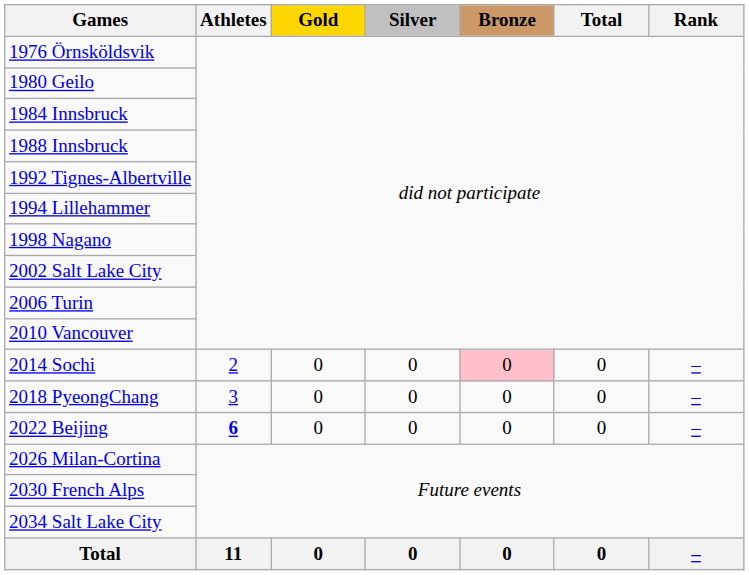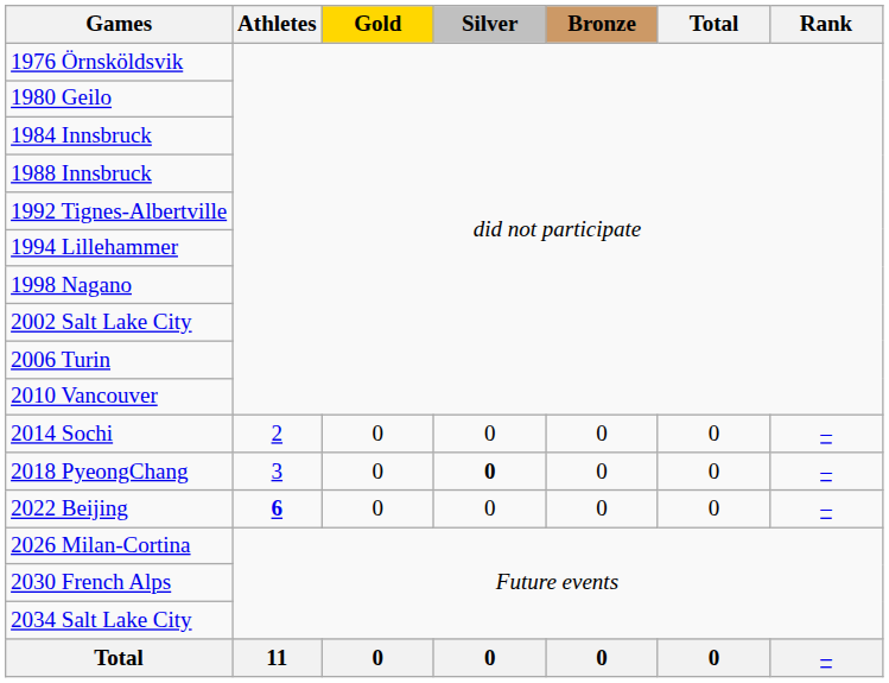 <table class="wikitable" style="text-align:center; font-size:90%;">
 <tr>
 <th>Games</th>
 <th>Athletes</th>
 <td style="background:gold; width:4.5em; font-weight:bold;">Gold</td>
 <td style="background:silver; width:4.5em; font-weight:bold;">Silver</td>
 <td style="background:#c96; width:4.5em; font-weight:bold;">Bronze</td>
 <th style="width:4.5em; font-weight:bold;">Total</th>
 <th style="width:4.5em; font-weight:bold;">Rank</th>
 </tr>
 <tr>
 <td align=left> <a href='#'>1976 Örnsköldsvik</a></td>
 <td colspan=7 rowspan=10><em>did not participate</em></td>
 </tr>
 <tr>
 <td align=left> <a href='#'>1980 Geilo</a></td>
 </tr>
 <tr>
 <td align=left> <a href='#'>1984 Innsbruck</a></td>
 </tr>
 <tr>
 <td align=left> <a href='#'>1988 Innsbruck</a></td>
 </tr>
 <tr>
 <td align=left> <a href='#'>1992 Tignes-Albertville</a></td>
 </tr>
 <tr>
 <td align=left> <a href='#'>1994 Lillehammer</a></td>
 </tr>
 <tr>
 <td align=left> <a href='#'>1998 Nagano</a></td>
 </tr>
 <tr>
 <td align=left> <a href='#'>2002 Salt Lake City</a></td>
 </tr>
 <tr>
 <td align=left> <a href='#'>2006 Turin</a></td>
 </tr>
 <tr>
 <td align=left> <a href='#'>2010 Vancouver</a></td>
 </tr>
 <tr>
 <td align=left> <a href='#'>2014 Sochi</a></td>
 <td><a href='#'>2</a></td>
 <td>0</td>
 <td>0</td>
-<td style="background: pink;">0</td>
+<td>0</td>
 <td>0</td>
 <td><a href='#'>–</a></td>
 </tr>
 <tr>
 <td align=left> <a href='#'>2018 PyeongChang</a></td>
 <td><a href='#'>3</a></td>
 <td>0</td>
-<td>0</td>
+<td><strong>0</strong></td>
 <td>0</td>
 <td>0</td>
 <td><a href='#'>–</a></td>
 </tr>
 <tr>
 <td align=left> <a href='#'>2022 Beijing</a></td>
 <td><a href='#'><strong>6</strong></a></td>
 <td>0</td>
 <td>0</td>
 <td>0</td>
 <td>0</td>
 <td><a href='#'>–</a></td>
 </tr>
 <tr>
 <td align=left> <a href='#'>2026 Milan-Cortina</a></td>
 <td colspan=6 rowspan=3><em>Future events</em></td>
 </tr>
 <tr>
 <td align=left> <a href='#'>2030 French Alps</a></td>
 </tr>
 <tr>
 <td align=left> <a href='#'>2034 Salt Lake City</a></td>
 </tr>
 <tr>
 <th>Total</th>
 <th>11</th>
 <th>0</th>
 <th>0</th>
 <th>0</th>
 <th>0</th>
 <th><a href='#'>–</a></th>
 </tr>
 </table>
